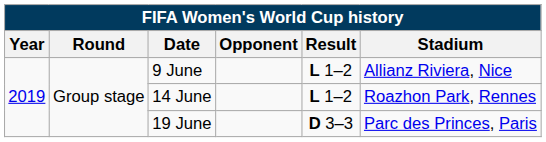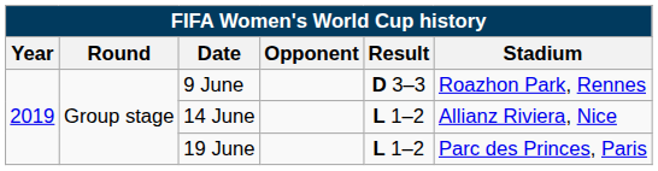 <table class="wikitable" style="text-align: center;font-size:100%;">
 <tr>
 <th colspan=6 style="background: #013A5E; color: #FFFFFF;">FIFA Women's World Cup history</th>
 </tr>
 <tr>
 <th>Year</th>
 <th>Round</th>
 <th>Date</th>
 <th>Opponent</th>
 <th>Result</th>
 <th>Stadium</th>
 </tr>
 <tr>
 <td rowspan=3><a href='#'>2019</a></td>
 <td rowspan=3>Group stage</td>
 <td align="left">9 June</td>
 <td align="left"></td>
-<td><strong>L</strong> 1–2</td>
-<td align="left"><a href='#'>Allianz Riviera</a>, <a href='#'>Nice</a></td>
+<td><strong>D</strong> 3–3</td>
+<td align="left"><a href='#'>Roazhon Park</a>, <a href='#'>Rennes</a></td>
 </tr>
 <tr>
 <td align="left">14 June</td>
 <td align="left"></td>
 <td><strong>L</strong> 1–2</td>
-<td align="left"><a href='#'>Roazhon Park</a>, <a href='#'>Rennes</a></td>
+<td align="left"><a href='#'>Allianz Riviera</a>, <a href='#'>Nice</a></td>
 </tr>
 <tr>
 <td align="left">19 June</td>
 <td align="left"></td>
-<td><strong>D</strong> 3–3</td>
+<td><strong>L</strong> 1–2</td>
 <td align="left"><a href='#'>Parc des Princes</a>, <a href='#'>Paris</a></td>
 </tr>
 </table>
